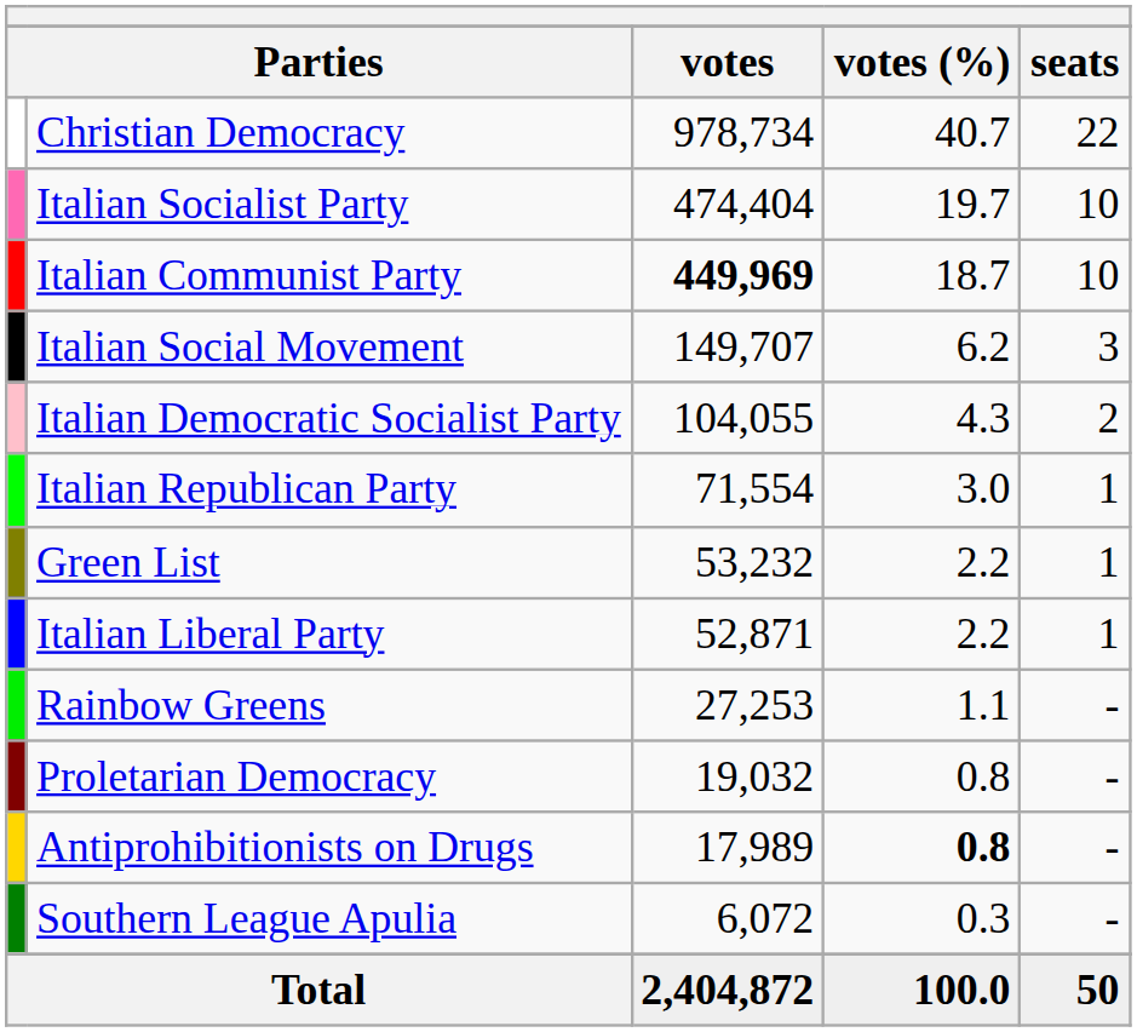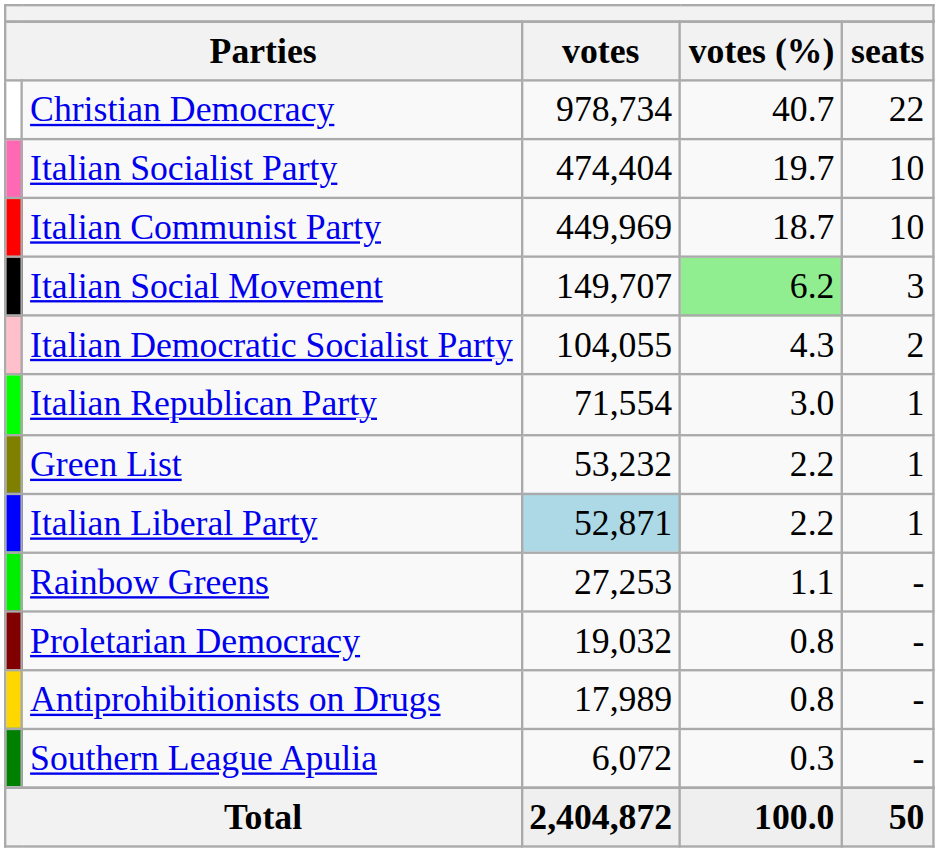 <table class="wikitable" style="font-size:95%">
 <tr>
 <th colspan=5></th>
 </tr>
 <tr>
 </tr>
 <tr bgcolor="EFEFEF">
 <th colspan=2>Parties</th>
 <th>votes</th>
 <th>votes (%)</th>
 <th>seats</th>
 </tr>
 <tr>
 <td bgcolor=White></td>
 <td><a href='#'>Christian Democracy</a></td>
 <td align=right>978,734</td>
 <td align=right>40.7</td>
 <td align=right>22</td>
 </tr>
 <tr>
 <td bgcolor=Hotpink></td>
 <td><a href='#'>Italian Socialist Party</a></td>
 <td align=right>474,404</td>
 <td align=right>19.7</td>
 <td align=right>10</td>
 </tr>
 <tr>
 <td bgcolor=Red></td>
 <td><a href='#'>Italian Communist Party</a></td>
-<td align=right><strong>449,969</strong></td>
+<td align=right>449,969</td>
 <td align=right>18.7</td>
 <td align=right>10</td>
 </tr>
 <tr>
 <td bgcolor=Black></td>
 <td><a href='#'>Italian Social Movement</a></td>
 <td align=right>149,707</td>
-<td align=right>6.2</td>
+<td align=right style="background: lightgreen;">6.2</td>
 <td align=right>3</td>
 </tr>
 <tr>
 <td bgcolor=Pink></td>
 <td><a href='#'>Italian Democratic Socialist Party</a></td>
 <td align=right>104,055</td>
 <td align=right>4.3</td>
 <td align=right>2</td>
 </tr>
 <tr>
 <td bgcolor=Lime></td>
 <td><a href='#'>Italian Republican Party</a></td>
 <td align=right>71,554</td>
 <td align=right>3.0</td>
 <td align=right>1</td>
 </tr>
 <tr>
 <td bgcolor=Olive></td>
 <td><a href='#'>Green List</a></td>
 <td align=right>53,232</td>
 <td align=right>2.2</td>
 <td align=right>1</td>
 </tr>
 <tr>
 <td bgcolor=Blue></td>
 <td><a href='#'>Italian Liberal Party</a></td>
-<td align=right>52,871</td>
+<td align=right style="background: lightblue;">52,871</td>
 <td align=right>2.2</td>
 <td align=right>1</td>
 </tr>
 <tr>
 <td bgcolor=LightgreenOlive></td>
 <td><a href='#'>Rainbow Greens</a></td>
 <td align=right>27,253</td>
 <td align=right>1.1</td>
 <td align=right>-</td>
 </tr>
 <tr>
 <td bgcolor=Maroon></td>
 <td><a href='#'>Proletarian Democracy</a></td>
 <td align=right>19,032</td>
 <td align=right>0.8</td>
 <td align=right>-</td>
 </tr>
 <tr>
 <td bgcolor=Gold></td>
 <td><a href='#'>Antiprohibitionists on Drugs</a></td>
 <td align=right>17,989</td>
-<td align=right><strong>0.8</strong></td>
+<td align=right>0.8</td>
 <td align=right>-</td>
 </tr>
 <tr>
 <td bgcolor=Green></td>
 <td><a href='#'>Southern League Apulia</a></td>
 <td align=right>6,072</td>
 <td align=right>0.3</td>
 <td align=right>-</td>
 </tr>
 <tr>
 </tr>
 <tr bgcolor="EFEFEF">
 <th colspan=2><strong>Total</strong></th>
 <td align=right><strong>2,404,872</strong></td>
 <td align=right><strong>100.0</strong></td>
 <td align=right><strong>50</strong></td>
 </tr>
 </table>
